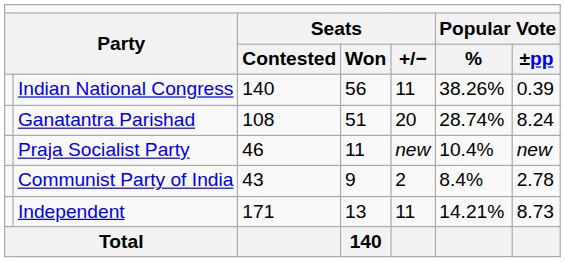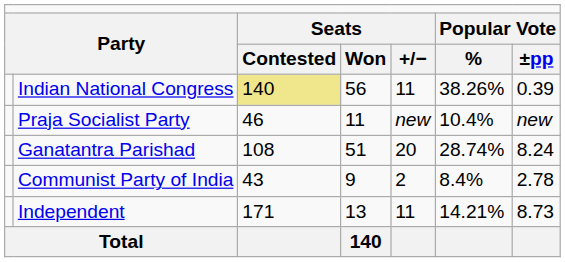 <table class="wikitable">
 <tr>
 <td colspan="7"></td>
 </tr>
 <tr>
 <th colspan="2" rowspan="2">Party</th>
 <th colspan="3">Seats</th>
 <th colspan="2">Popular Vote</th>
 </tr>
 <tr>
 <th>Contested</th>
 <th>Won</th>
 <th><strong>+/−</strong></th>
 <th>%</th>
 <th>±<a href='#'>pp</a></th>
 </tr>
 <tr>
 <td style="background-color: "></td>
 <td><a href='#'>Indian National Congress</a></td>
-<td>140</td>
+<td style="background: khaki;">140</td>
 <td>56</td>
 <td>11</td>
 <td>38.26%</td>
 <td>0.39</td>
+</tr>
+<tr>
+<td style="background-color: "></td>
+<td><a href='#'>Praja Socialist Party</a></td>
+<td>46</td>
+<td>11</td>
+<td><em>new</em></td>
+<td>10.4%</td>
+<td><em>new</em></td>
 </tr>
 <tr>
 <td style="background-color: "></td>
 <td><a href='#'>Ganatantra Parishad</a></td>
 <td>108</td>
 <td>51</td>
 <td>20</td>
 <td>28.74%</td>
 <td>8.24</td>
-</tr>
-<tr>
-<td style="background-color: "></td>
-<td><a href='#'>Praja Socialist Party</a></td>
-<td>46</td>
-<td>11</td>
-<td><em>new</em></td>
-<td>10.4%</td>
-<td><em>new</em></td>
 </tr>
 <tr>
 <td style="background-color: "></td>
 <td><a href='#'>Communist Party of India</a></td>
 <td>43</td>
 <td>9</td>
 <td>2</td>
 <td>8.4%</td>
 <td>2.78</td>
 </tr>
 <tr>
 <td style="background-color: "></td>
 <td><a href='#'>Independent</a></td>
 <td>171</td>
 <td>13</td>
 <td>11</td>
 <td>14.21%</td>
 <td>8.73</td>
 </tr>
 <tr>
 <th colspan="2">Total</th>
 <th></th>
 <th>140</th>
 <th></th>
 <th></th>
 <th></th>
 </tr>
 </table>
